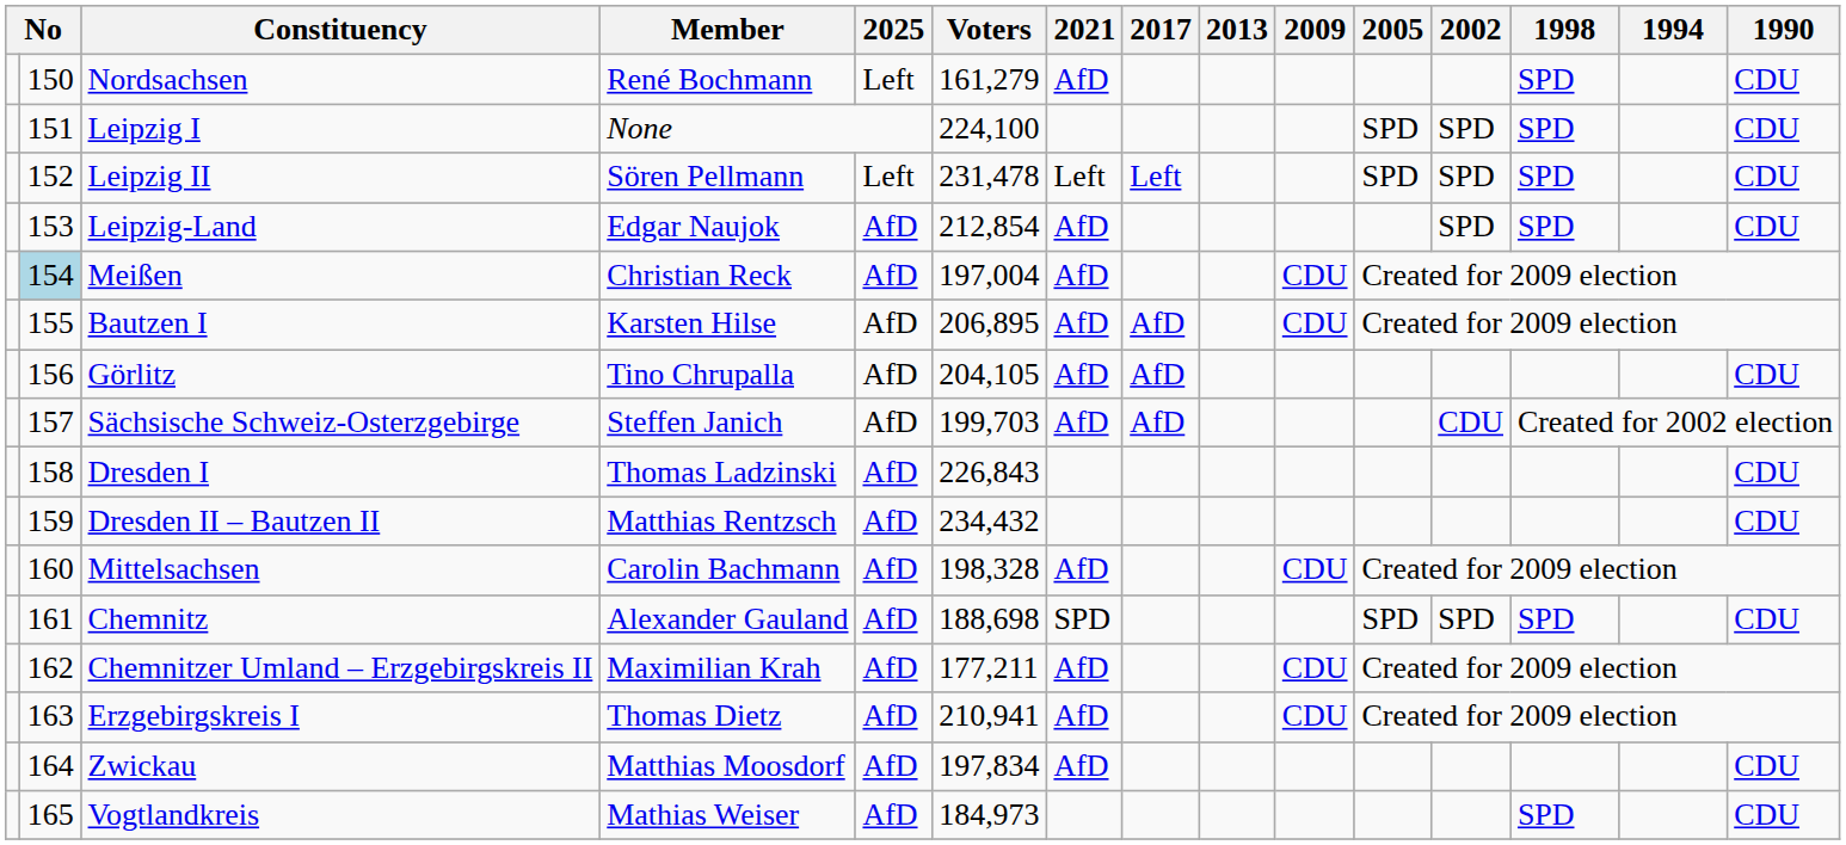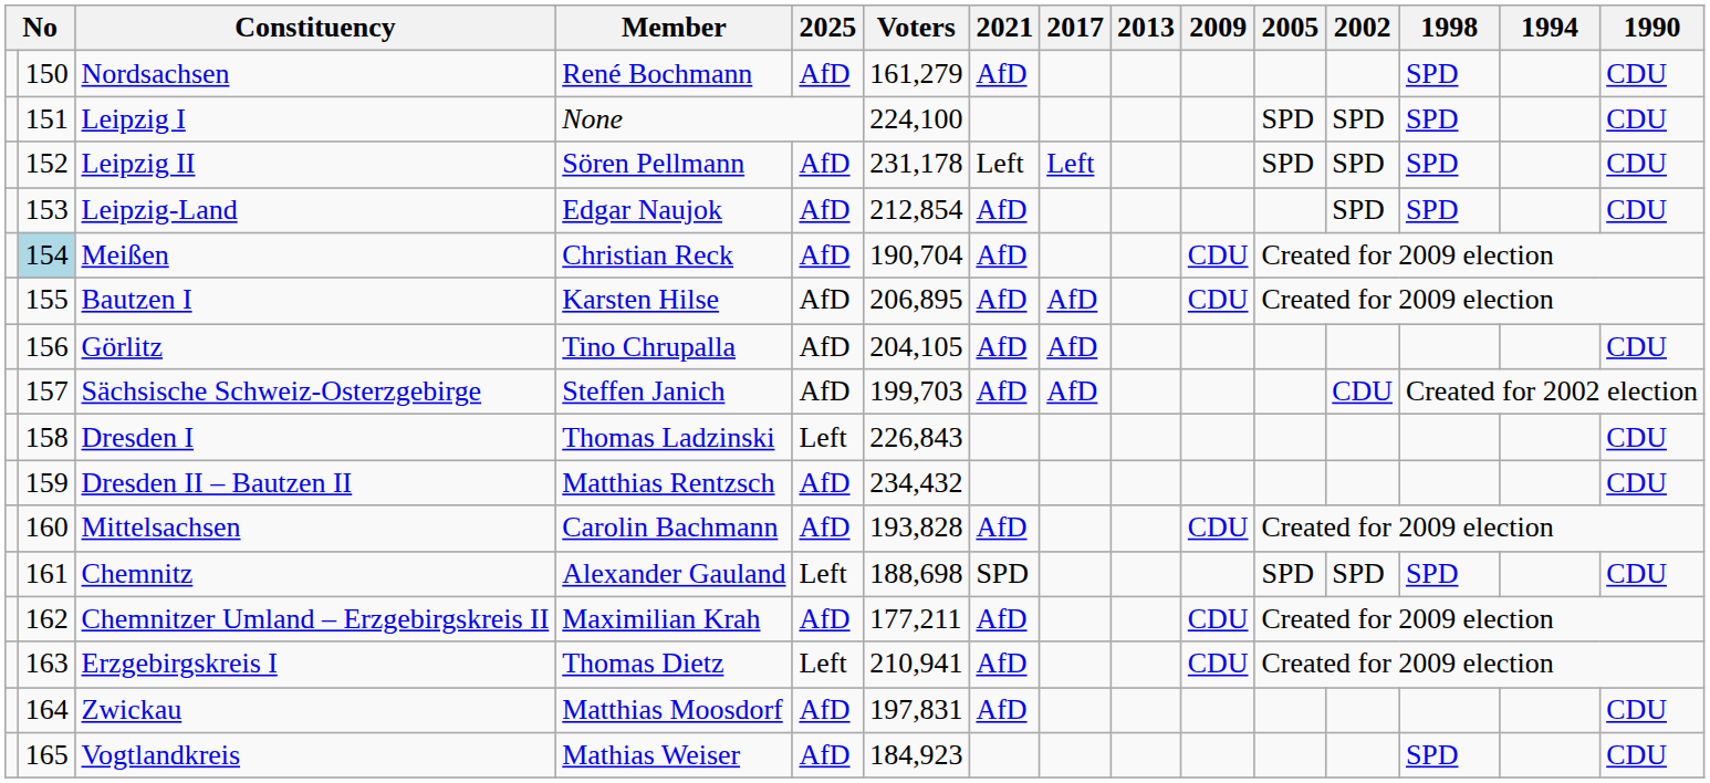 <table class="wikitable sortable">
 <tr>
 <th colspan=2>No</th>
 <th>Constituency</th>
 <th>Member</th>
 <th>2025</th>
 <th>Voters</th>
 <th>2021</th>
 <th>2017</th>
 <th>2013</th>
 <th>2009</th>
 <th>2005</th>
 <th>2002</th>
 <th>1998</th>
 <th>1994</th>
 <th>1990</th>
 </tr>
 <tr>
 <td style="background-color: "></td>
 <td>150</td>
 <td><a href='#'>Nordsachsen</a></td>
 <td><a href='#'>René Bochmann</a></td>
-<td>Left</td>
+<td><a href='#'>AfD</a></td>
 <td>161,279</td>
 <td><a href='#'>AfD</a></td>
 <td></td>
 <td></td>
 <td></td>
 <td></td>
 <td></td>
 <td><a href='#'>SPD</a></td>
 <td></td>
 <td><a href='#'>CDU</a></td>
 </tr>
 <tr>
 <td></td>
 <td>151</td>
 <td><a href='#'>Leipzig I</a></td>
 <td colspan="2"><em>None</em></td>
 <td>224,100</td>
 <td></td>
 <td></td>
 <td></td>
 <td></td>
 <td bgcolor=>SPD</td>
 <td bgcolor=>SPD</td>
 <td><a href='#'>SPD</a></td>
 <td></td>
 <td><a href='#'>CDU</a></td>
 </tr>
 <tr>
 <td style="background-color: "></td>
 <td>152</td>
 <td><a href='#'>Leipzig II</a></td>
 <td><a href='#'>Sören Pellmann</a></td>
-<td>Left</td>
-<td>231,478</td>
+<td><a href='#'>AfD</a></td>
+<td>231,178</td>
 <td>Left</td>
 <td><a href='#'>Left</a></td>
 <td></td>
 <td></td>
 <td bgcolor=>SPD</td>
 <td bgcolor=>SPD</td>
 <td><a href='#'>SPD</a></td>
 <td></td>
 <td><a href='#'>CDU</a></td>
 </tr>
 <tr>
 <td style="background-color: "></td>
 <td>153</td>
 <td><a href='#'>Leipzig-Land</a></td>
 <td><a href='#'>Edgar Naujok</a></td>
 <td><a href='#'>AfD</a></td>
 <td>212,854</td>
 <td><a href='#'>AfD</a></td>
 <td></td>
 <td></td>
 <td></td>
 <td></td>
 <td bgcolor=>SPD</td>
 <td><a href='#'>SPD</a></td>
 <td></td>
 <td><a href='#'>CDU</a></td>
 </tr>
 <tr>
 <td style="background-color: "></td>
 <td style="background: lightblue;">154</td>
 <td><a href='#'>Meißen</a></td>
 <td><a href='#'>Christian Reck</a></td>
 <td><a href='#'>AfD</a></td>
-<td>197,004</td>
+<td>190,704</td>
 <td><a href='#'>AfD</a></td>
 <td></td>
 <td></td>
 <td><a href='#'>CDU</a></td>
 <td colspan=5>Created for 2009 election</td>
 </tr>
 <tr>
 <td style="background-color: "></td>
 <td>155</td>
 <td><a href='#'>Bautzen I</a></td>
 <td><a href='#'>Karsten Hilse</a></td>
 <td>AfD</td>
 <td>206,895</td>
 <td><a href='#'>AfD</a></td>
 <td><a href='#'>AfD</a></td>
 <td></td>
 <td><a href='#'>CDU</a></td>
 <td colspan=5>Created for 2009 election</td>
 </tr>
 <tr>
 <td style="background-color: "></td>
 <td>156</td>
 <td><a href='#'>Görlitz</a></td>
 <td><a href='#'>Tino Chrupalla</a></td>
 <td>AfD</td>
 <td>204,105</td>
 <td><a href='#'>AfD</a></td>
 <td><a href='#'>AfD</a></td>
 <td></td>
 <td></td>
 <td></td>
 <td></td>
 <td></td>
 <td></td>
 <td><a href='#'>CDU</a></td>
 </tr>
 <tr>
 <td style="background-color: "></td>
 <td>157</td>
 <td><a href='#'>Sächsische Schweiz-Osterzgebirge</a></td>
 <td><a href='#'>Steffen Janich</a></td>
 <td>AfD</td>
 <td>199,703</td>
 <td><a href='#'>AfD</a></td>
 <td><a href='#'>AfD</a></td>
 <td></td>
 <td></td>
 <td></td>
 <td><a href='#'>CDU</a></td>
 <td colspan=3>Created for 2002 election</td>
 </tr>
 <tr>
 <td style="background-color: "></td>
 <td>158</td>
 <td><a href='#'>Dresden I</a></td>
 <td><a href='#'>Thomas Ladzinski</a></td>
-<td><a href='#'>AfD</a></td>
+<td>Left</td>
 <td>226,843</td>
 <td></td>
 <td></td>
 <td></td>
 <td></td>
 <td></td>
 <td></td>
 <td></td>
 <td></td>
 <td><a href='#'>CDU</a></td>
 </tr>
 <tr>
 <td style="background-color: "></td>
 <td>159</td>
 <td><a href='#'>Dresden II – Bautzen II</a></td>
 <td><a href='#'>Matthias Rentzsch</a></td>
 <td><a href='#'>AfD</a></td>
 <td>234,432</td>
 <td></td>
 <td></td>
 <td></td>
 <td></td>
 <td></td>
 <td></td>
 <td></td>
 <td></td>
 <td><a href='#'>CDU</a></td>
 </tr>
 <tr>
 <td style="background-color: "></td>
 <td>160</td>
 <td><a href='#'>Mittelsachsen</a></td>
 <td><a href='#'>Carolin Bachmann</a></td>
 <td><a href='#'>AfD</a></td>
-<td>198,328</td>
+<td>193,828</td>
 <td><a href='#'>AfD</a></td>
 <td></td>
 <td></td>
 <td><a href='#'>CDU</a></td>
 <td colspan=5>Created for 2009 election</td>
 </tr>
 <tr>
 <td style="background-color: "></td>
 <td>161</td>
 <td><a href='#'>Chemnitz</a></td>
 <td><a href='#'>Alexander Gauland</a></td>
-<td><a href='#'>AfD</a></td>
+<td>Left</td>
 <td>188,698</td>
 <td bgcolor=>SPD</td>
 <td></td>
 <td></td>
 <td></td>
 <td bgcolor=>SPD</td>
 <td bgcolor=>SPD</td>
 <td><a href='#'>SPD</a></td>
 <td></td>
 <td><a href='#'>CDU</a></td>
 </tr>
 <tr>
 <td style="background-color: "></td>
 <td>162</td>
 <td><a href='#'>Chemnitzer Umland – Erzgebirgskreis II</a></td>
 <td><a href='#'>Maximilian Krah</a></td>
 <td><a href='#'>AfD</a></td>
 <td>177,211</td>
 <td><a href='#'>AfD</a></td>
 <td></td>
 <td></td>
 <td><a href='#'>CDU</a></td>
 <td colspan=5>Created for 2009 election</td>
 </tr>
 <tr>
 <td style="background-color: "></td>
 <td>163</td>
 <td><a href='#'>Erzgebirgskreis I</a></td>
 <td><a href='#'>Thomas Dietz</a></td>
-<td><a href='#'>AfD</a></td>
+<td>Left</td>
 <td>210,941</td>
 <td><a href='#'>AfD</a></td>
 <td></td>
 <td></td>
 <td><a href='#'>CDU</a></td>
 <td colspan=5>Created for 2009 election</td>
 </tr>
 <tr>
 <td style="background-color: "></td>
 <td>164</td>
 <td><a href='#'>Zwickau</a></td>
 <td><a href='#'>Matthias Moosdorf</a></td>
 <td><a href='#'>AfD</a></td>
-<td>197,834</td>
+<td>197,831</td>
 <td><a href='#'>AfD</a></td>
 <td></td>
 <td></td>
 <td></td>
 <td></td>
 <td></td>
 <td></td>
 <td></td>
 <td><a href='#'>CDU</a></td>
 </tr>
 <tr>
 <td style="background-color: "></td>
 <td>165</td>
 <td><a href='#'>Vogtlandkreis</a></td>
 <td><a href='#'>Mathias Weiser</a></td>
 <td><a href='#'>AfD</a></td>
-<td>184,973</td>
+<td>184,923</td>
 <td></td>
 <td></td>
 <td></td>
 <td></td>
 <td></td>
 <td></td>
 <td><a href='#'>SPD</a></td>
 <td></td>
 <td><a href='#'>CDU</a></td>
 </tr>
 </table>
